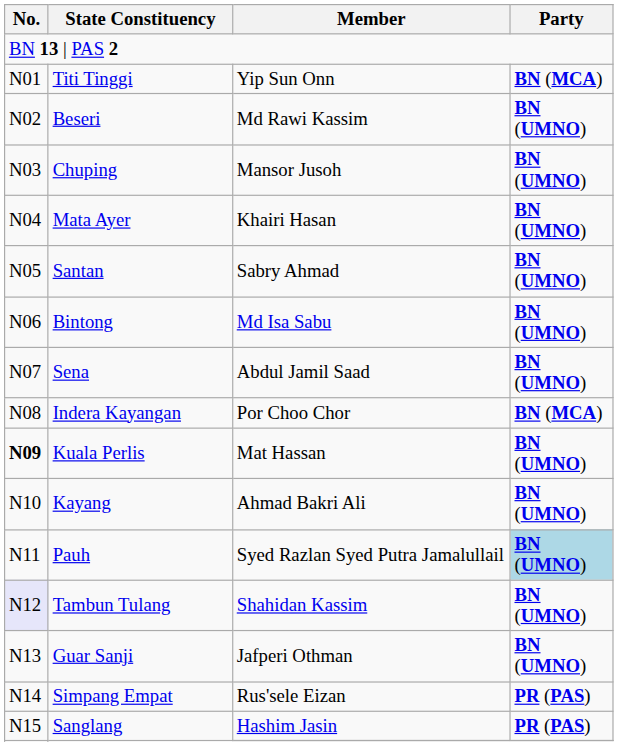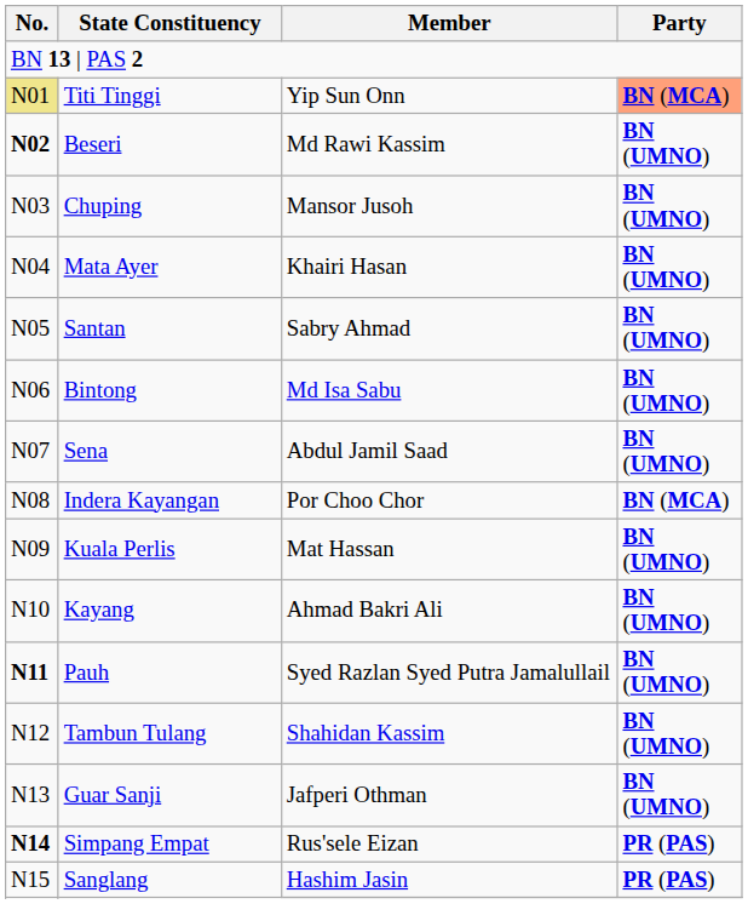 <table class="wikitable sortable">
 <tr>
 <th style="width:30px;">No.</th>
 <th style="width:150px;">State Constituency</th>
 <th style="width:230px;">Member</th>
 <th style="width:80px;">Party</th>
 </tr>
 <tr>
 <td colspan="4"><a href='#'>BN</a> <strong>13</strong> | <a href='#'>PAS</a> <strong>2</strong></td>
 </tr>
 <tr>
-<td>N01</td>
+<td style="background: khaki;">N01</td>
 <td><a href='#'>Titi Tinggi</a></td>
 <td>Yip Sun Onn</td>
-<td><strong><a href='#'>BN</a></strong> (<strong><a href='#'>MCA</a></strong>)</td>
+<td style="background: lightsalmon;"><strong><a href='#'>BN</a></strong> (<strong><a href='#'>MCA</a></strong>)</td>
 </tr>
 <tr>
-<td>N02</td>
+<td><strong>N02</strong></td>
 <td><a href='#'>Beseri</a></td>
 <td>Md Rawi Kassim</td>
 <td><strong><a href='#'>BN</a></strong> (<strong><a href='#'>UMNO</a></strong>)</td>
 </tr>
 <tr>
 <td>N03</td>
 <td><a href='#'>Chuping</a></td>
 <td>Mansor Jusoh</td>
 <td><strong><a href='#'>BN</a></strong> (<strong><a href='#'>UMNO</a></strong>)</td>
 </tr>
 <tr>
 <td>N04</td>
 <td><a href='#'>Mata Ayer</a></td>
 <td>Khairi Hasan</td>
 <td><strong><a href='#'>BN</a></strong> (<strong><a href='#'>UMNO</a></strong>)</td>
 </tr>
 <tr>
 <td>N05</td>
 <td><a href='#'>Santan</a></td>
 <td>Sabry Ahmad</td>
 <td><strong><a href='#'>BN</a></strong> (<strong><a href='#'>UMNO</a></strong>)</td>
 </tr>
 <tr>
 <td>N06</td>
 <td><a href='#'>Bintong</a></td>
 <td><a href='#'>Md Isa Sabu</a></td>
 <td><strong><a href='#'>BN</a></strong> (<strong><a href='#'>UMNO</a></strong>)</td>
 </tr>
 <tr>
 <td>N07</td>
 <td><a href='#'>Sena</a></td>
 <td>Abdul Jamil Saad</td>
 <td><strong><a href='#'>BN</a></strong> (<strong><a href='#'>UMNO</a></strong>)</td>
 </tr>
 <tr>
 <td>N08</td>
 <td><a href='#'>Indera Kayangan</a></td>
 <td>Por Choo Chor</td>
 <td><strong><a href='#'>BN</a></strong> (<strong><a href='#'>MCA</a></strong>)</td>
 </tr>
 <tr>
-<td><strong>N09</strong></td>
+<td>N09</td>
 <td><a href='#'>Kuala Perlis</a></td>
 <td>Mat Hassan</td>
 <td><strong><a href='#'>BN</a></strong> (<strong><a href='#'>UMNO</a></strong>)</td>
 </tr>
 <tr>
 <td>N10</td>
 <td><a href='#'>Kayang</a></td>
 <td>Ahmad Bakri Ali</td>
 <td><strong><a href='#'>BN</a></strong> (<strong><a href='#'>UMNO</a></strong>)</td>
 </tr>
 <tr>
-<td>N11</td>
+<td><strong>N11</strong></td>
 <td><a href='#'>Pauh</a></td>
 <td>Syed Razlan Syed Putra Jamalullail</td>
-<td style="background: lightblue;"><strong><a href='#'>BN</a></strong> (<strong><a href='#'>UMNO</a></strong>)</td>
+<td><strong><a href='#'>BN</a></strong> (<strong><a href='#'>UMNO</a></strong>)</td>
 </tr>
 <tr>
-<td style="background: lavender;">N12</td>
+<td>N12</td>
 <td><a href='#'>Tambun Tulang</a></td>
 <td><a href='#'>Shahidan Kassim</a></td>
 <td><strong><a href='#'>BN</a></strong> (<strong><a href='#'>UMNO</a></strong>)</td>
 </tr>
 <tr>
 <td>N13</td>
 <td><a href='#'>Guar Sanji</a></td>
 <td>Jafperi Othman</td>
 <td><strong><a href='#'>BN</a></strong> (<strong><a href='#'>UMNO</a></strong>)</td>
 </tr>
 <tr>
-<td>N14</td>
+<td><strong>N14</strong></td>
 <td><a href='#'>Simpang Empat</a></td>
 <td>Rus'sele Eizan</td>
 <td><strong><a href='#'>PR</a></strong> (<strong><a href='#'>PAS</a></strong>)</td>
 </tr>
 <tr>
 <td rowspan=2>N15</td>
 <td rowspan=2><a href='#'>Sanglang</a></td>
 <td><a href='#'>Hashim Jasin</a> </td>
 <td><strong><a href='#'>PR</a></strong> (<strong><a href='#'>PAS</a></strong>)</td>
 </tr>
 <tr>
 </tr>
 </table>
